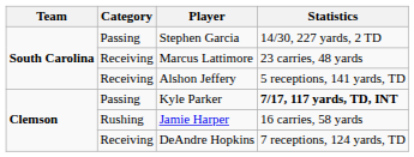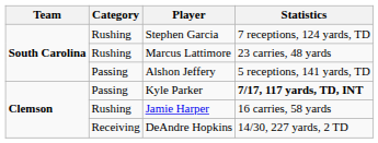 <table class="wikitable" style="float: right;">
 <tr>
 <th>Team</th>
 <th>Category</th>
 <th>Player</th>
 <th>Statistics</th>
 </tr>
 <tr>
 <td rowspan=3><strong>South Carolina</strong></td>
-<td>Passing</td>
+<td>Rushing</td>
 <td>Stephen Garcia</td>
-<td>14/30, 227 yards, 2 TD</td>
+<td>7 receptions, 124 yards, TD</td>
 </tr>
 <tr>
-<td>Receiving</td>
+<td>Rushing</td>
 <td>Marcus Lattimore</td>
 <td>23 carries, 48 yards</td>
 </tr>
 <tr>
-<td>Receiving</td>
+<td>Passing</td>
 <td>Alshon Jeffery</td>
 <td>5 receptions, 141 yards, TD</td>
 </tr>
 <tr>
 <td rowspan=3><strong>Clemson</strong></td>
 <td>Passing</td>
 <td>Kyle Parker</td>
 <td><strong>7/17, 117 yards, TD, INT</strong></td>
 </tr>
 <tr>
 <td>Rushing</td>
 <td><a href='#'>Jamie Harper</a></td>
 <td>16 carries, 58 yards</td>
 </tr>
 <tr>
 <td>Receiving</td>
 <td>DeAndre Hopkins</td>
-<td>7 receptions, 124 yards, TD</td>
+<td>14/30, 227 yards, 2 TD</td>
 </tr>
 </table>
